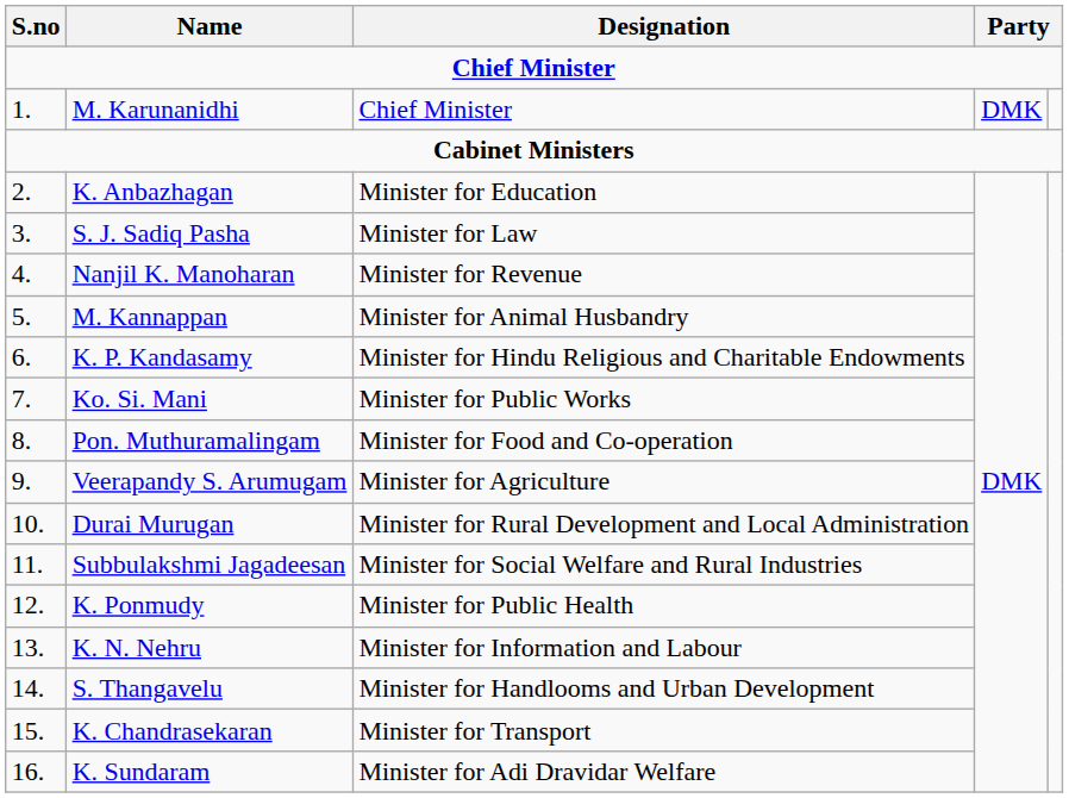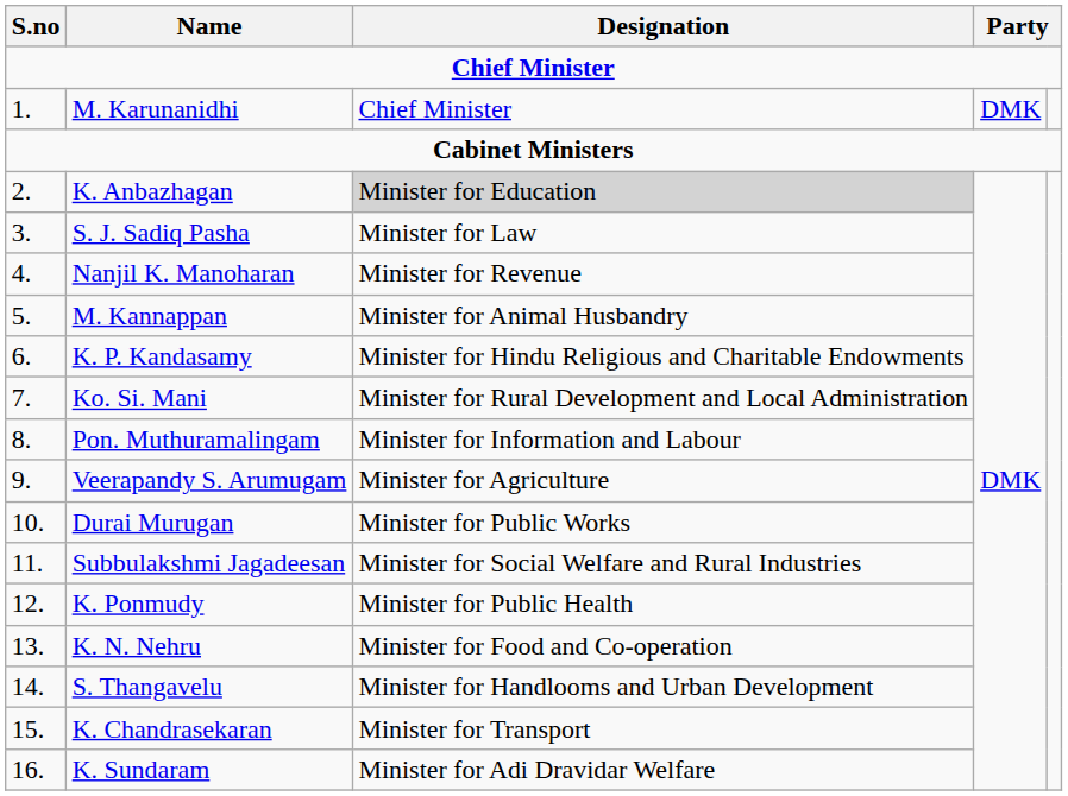 <table class="wikitable">
 <tr>
 <th>S.no</th>
 <th>Name</th>
 <th>Designation</th>
 <th colspan="2" scope="col">Party</th>
 </tr>
 <tr>
 <td colspan="5" style="text-align: center;"><strong><a href='#'>Chief Minister</a></strong></td>
 </tr>
 <tr>
 <td>1.</td>
 <td><a href='#'>M. Karunanidhi</a></td>
 <td><a href='#'>Chief Minister</a></td>
 <td><a href='#'>DMK</a></td>
 <td width="1px" style="background-color: "></td>
 </tr>
 <tr>
 <td colspan="5" style="text-align: center;"><strong>Cabinet Ministers</strong></td>
 </tr>
 <tr>
 <td>2.</td>
 <td><a href='#'>K. Anbazhagan</a></td>
-<td>Minister for Education</td>
+<td style="background: lightgrey;">Minister for Education</td>
 <td rowspan="32"><a href='#'>DMK</a></td>
 <td rowspan="32" width="1px" style="background-color: "></td>
 </tr>
 <tr>
 <td>3.</td>
 <td><a href='#'>S. J. Sadiq Pasha</a></td>
 <td>Minister for Law</td>
 </tr>
 <tr>
 <td>4.</td>
 <td><a href='#'>Nanjil K. Manoharan</a></td>
 <td>Minister for Revenue</td>
 </tr>
 <tr>
 <td>5.</td>
 <td><a href='#'>M. Kannappan</a></td>
 <td>Minister for Animal Husbandry</td>
 </tr>
 <tr>
 <td>6.</td>
 <td><a href='#'>K. P. Kandasamy</a></td>
 <td>Minister for Hindu Religious and Charitable Endowments</td>
 </tr>
 <tr>
 <td>7.</td>
 <td><a href='#'>Ko. Si. Mani</a></td>
-<td>Minister for Public Works</td>
+<td>Minister for Rural Development and Local Administration</td>
 </tr>
 <tr>
 <td>8.</td>
 <td><a href='#'>Pon. Muthuramalingam</a></td>
-<td>Minister for Food and Co-operation</td>
+<td>Minister for Information and Labour</td>
 </tr>
 <tr>
 <td>9.</td>
 <td><a href='#'>Veerapandy S. Arumugam</a></td>
 <td>Minister for Agriculture</td>
 </tr>
 <tr>
 <td>10.</td>
 <td><a href='#'>Durai Murugan</a></td>
-<td>Minister for Rural Development and Local Administration</td>
+<td>Minister for Public Works</td>
 </tr>
 <tr>
 <td>11.</td>
 <td><a href='#'>Subbulakshmi Jagadeesan</a></td>
 <td>Minister for Social Welfare and Rural Industries</td>
 </tr>
 <tr>
 <td>12.</td>
 <td><a href='#'>K. Ponmudy</a></td>
 <td>Minister for Public Health</td>
 </tr>
 <tr>
 <td>13.</td>
 <td><a href='#'>K. N. Nehru</a></td>
-<td>Minister for Information and Labour</td>
+<td>Minister for Food and Co-operation</td>
 </tr>
 <tr>
 <td>14.</td>
 <td><a href='#'>S. Thangavelu</a></td>
 <td>Minister for Handlooms and Urban Development</td>
 </tr>
 <tr>
 <td>15.</td>
 <td><a href='#'>K. Chandrasekaran</a></td>
 <td>Minister for Transport</td>
 </tr>
 <tr>
 <td>16.</td>
 <td><a href='#'>K. Sundaram</a></td>
 <td>Minister for Adi Dravidar Welfare</td>
 </tr>
 </table>
